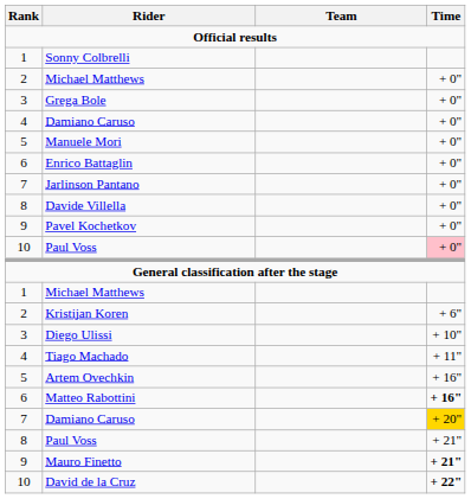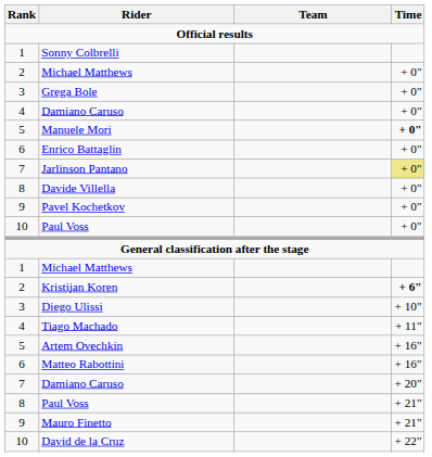 <table class="wikitable">
 <tr>
 <th>Rank</th>
 <th>Rider</th>
 <th>Team</th>
 <th>Time</th>
 </tr>
 <tr>
 <td colspan=4 align=center><strong>Official results</strong></td>
 </tr>
 <tr>
 <td style="text-align:center;">1</td>
 <td width=250px> <a href='#'>Sonny Colbrelli</a></td>
 <td width=200px></td>
 <td style="text-align:right;"></td>
 </tr>
 <tr>
 <td style="text-align:center;">2</td>
 <td> <a href='#'>Michael Matthews</a> </td>
 <td></td>
 <td style="text-align:right;">+ 0"</td>
 </tr>
 <tr>
 <td style="text-align:center;">3</td>
 <td> <a href='#'>Grega Bole</a></td>
 <td></td>
 <td style="text-align:right;">+ 0"</td>
 </tr>
 <tr>
 <td style="text-align:center;">4</td>
 <td> <a href='#'>Damiano Caruso</a></td>
 <td></td>
 <td style="text-align:right;">+ 0"</td>
 </tr>
 <tr>
 <td style="text-align:center;">5</td>
 <td> <a href='#'>Manuele Mori</a></td>
 <td></td>
-<td style="text-align:right;">+ 0"</td>
+<td style="text-align:right;"><strong>+ 0"</strong></td>
 </tr>
 <tr>
 <td style="text-align:center;">6</td>
 <td> <a href='#'>Enrico Battaglin</a></td>
 <td></td>
 <td style="text-align:right;">+ 0"</td>
 </tr>
 <tr>
 <td style="text-align:center;">7</td>
 <td> <a href='#'>Jarlinson Pantano</a></td>
 <td></td>
-<td style="text-align:right;">+ 0"</td>
+<td style="background: khaki; text-align:right;">+ 0"</td>
 </tr>
 <tr>
 <td style="text-align:center;">8</td>
 <td> <a href='#'>Davide Villella</a></td>
 <td></td>
 <td style="text-align:right;">+ 0"</td>
 </tr>
 <tr>
 <td style="text-align:center;">9</td>
 <td> <a href='#'>Pavel Kochetkov</a></td>
 <td></td>
 <td style="text-align:right;">+ 0"</td>
 </tr>
 <tr>
 <td style="text-align:center;">10</td>
 <td> <a href='#'>Paul Voss</a></td>
 <td></td>
-<td style="background: pink; text-align:right;">+ 0"</td>
+<td style="text-align:right;">+ 0"</td>
 </tr>
 <tr>
 <td style="border-top-width:5px" colspan=4 align=center><strong>General classification after the stage</strong></td>
 </tr>
 <tr>
 <td style="text-align:center;">1</td>
 <td> <a href='#'>Michael Matthews</a> </td>
 <td></td>
 <td style="text-align:right;"></td>
 </tr>
 <tr>
 <td style="text-align:center;">2</td>
 <td> <a href='#'>Kristijan Koren</a></td>
 <td></td>
-<td style="text-align:right;">+ 6"</td>
+<td style="text-align:right;"><strong>+ 6"</strong></td>
 </tr>
 <tr>
 <td style="text-align:center;">3</td>
 <td> <a href='#'>Diego Ulissi</a></td>
 <td></td>
 <td style="text-align:right;">+ 10"</td>
 </tr>
 <tr>
 <td style="text-align:center;">4</td>
 <td> <a href='#'>Tiago Machado</a></td>
 <td></td>
 <td style="text-align:right;">+ 11"</td>
 </tr>
 <tr>
 <td style="text-align:center;">5</td>
 <td> <a href='#'>Artem Ovechkin</a></td>
 <td></td>
 <td style="text-align:right;">+ 16"</td>
 </tr>
 <tr>
 <td style="text-align:center;">6</td>
 <td> <a href='#'>Matteo Rabottini</a></td>
 <td></td>
-<td style="text-align:right;"><strong>+ 16"</strong></td>
+<td style="text-align:right;">+ 16"</td>
 </tr>
 <tr>
 <td style="text-align:center;">7</td>
 <td> <a href='#'>Damiano Caruso</a></td>
 <td></td>
-<td style="background: gold; text-align:right;">+ 20"</td>
+<td style="text-align:right;">+ 20"</td>
 </tr>
 <tr>
 <td style="text-align:center;">8</td>
 <td> <a href='#'>Paul Voss</a></td>
 <td></td>
 <td style="text-align:right;">+ 21"</td>
 </tr>
 <tr>
 <td style="text-align:center;">9</td>
 <td> <a href='#'>Mauro Finetto</a></td>
 <td></td>
-<td style="text-align:right;"><strong>+ 21"</strong></td>
+<td style="text-align:right;">+ 21"</td>
 </tr>
 <tr>
 <td style="text-align:center;">10</td>
 <td> <a href='#'>David de la Cruz</a></td>
 <td></td>
-<td style="text-align:right;"><strong>+ 22"</strong></td>
+<td style="text-align:right;">+ 22"</td>
 </tr>
 </table>
